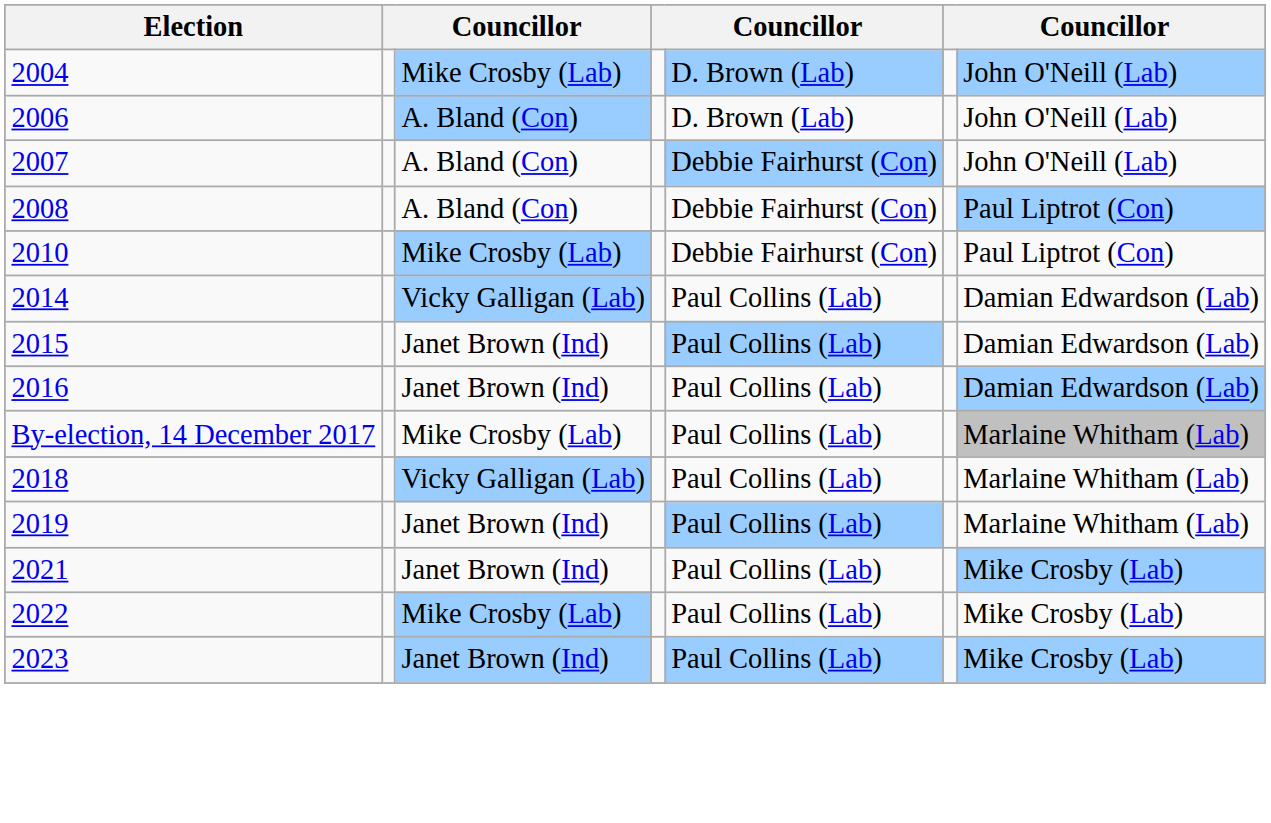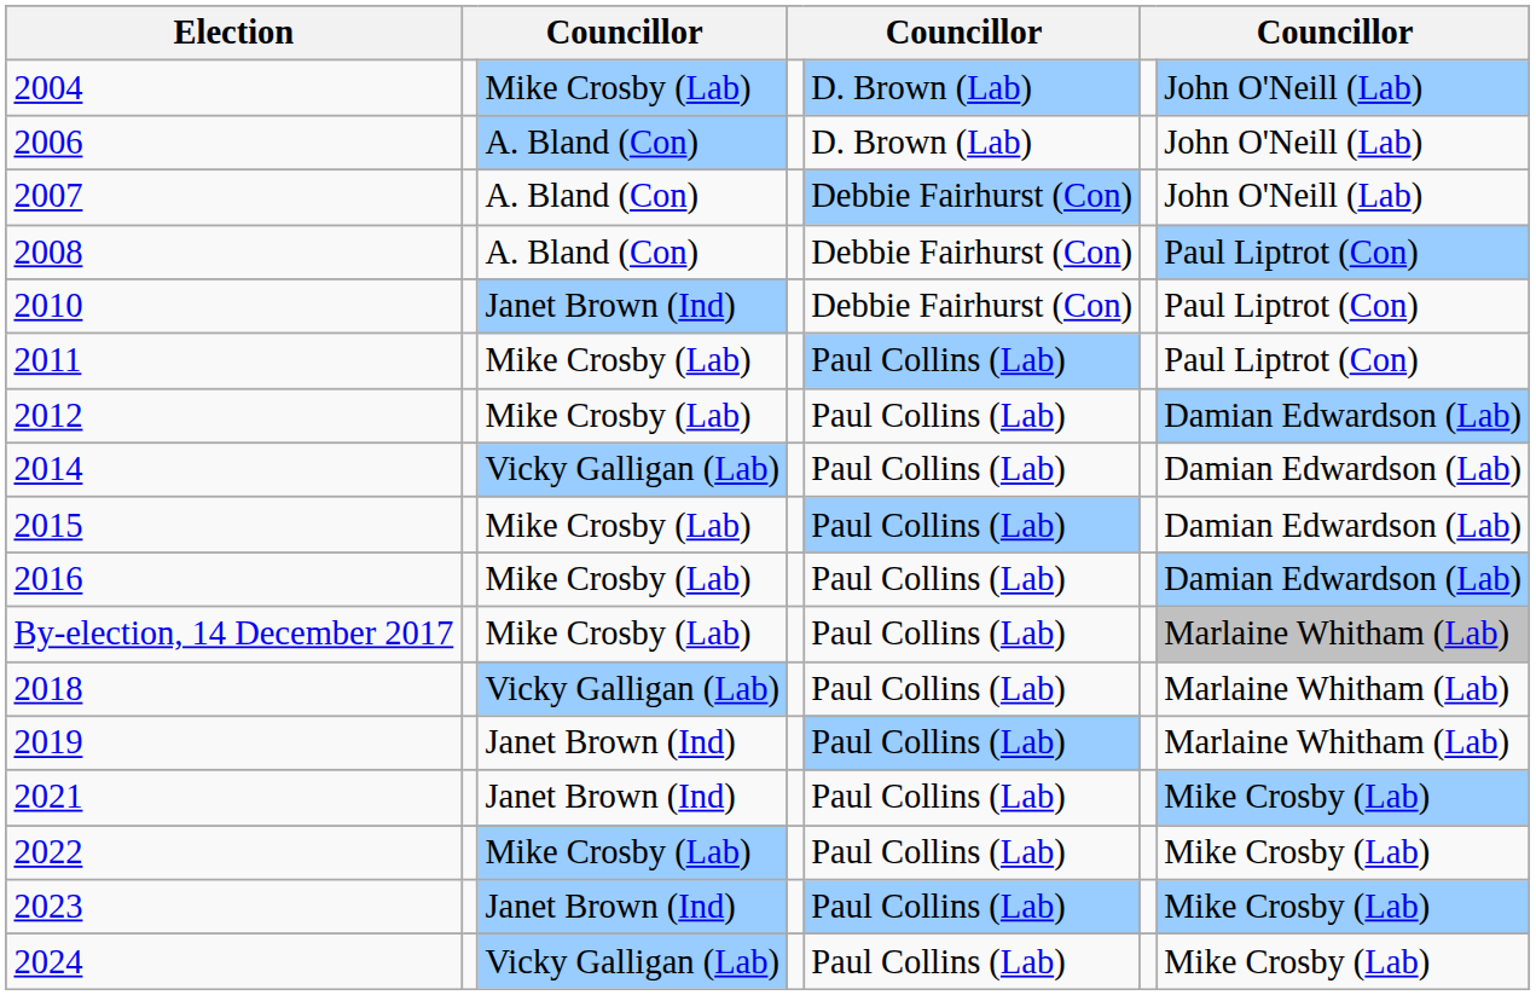 <table class="wikitable">
 <tr>
 <th>Election</th>
 <th colspan="2">Councillor</th>
 <th colspan="2">Councillor</th>
 <th colspan="2">Councillor</th>
 </tr>
 <tr>
 <td><a href='#'>2004</a></td>
 <td style="background-color: "></td>
 <td bgcolor="#99CCFF">Mike Crosby (<a href='#'>Lab</a>)</td>
 <td style="background-color: "></td>
 <td bgcolor="#99CCFF">D. Brown (<a href='#'>Lab</a>)</td>
 <td style="background-color: "></td>
 <td bgcolor="#99CCFF">John O'Neill (<a href='#'>Lab</a>)</td>
 </tr>
 <tr>
 <td><a href='#'>2006</a></td>
 <td style="background-color: "></td>
 <td bgcolor="#99CCFF">A. Bland (<a href='#'>Con</a>)</td>
 <td style="background-color: "></td>
 <td>D. Brown (<a href='#'>Lab</a>)</td>
 <td style="background-color: "></td>
 <td>John O'Neill (<a href='#'>Lab</a>)</td>
 </tr>
 <tr>
 <td><a href='#'>2007</a></td>
 <td style="background-color: "></td>
 <td>A. Bland (<a href='#'>Con</a>)</td>
 <td style="background-color: "></td>
 <td bgcolor="#99CCFF">Debbie Fairhurst (<a href='#'>Con</a>)</td>
 <td style="background-color: "></td>
 <td>John O'Neill (<a href='#'>Lab</a>)</td>
 </tr>
 <tr>
 <td><a href='#'>2008</a></td>
 <td style="background-color: "></td>
 <td>A. Bland (<a href='#'>Con</a>)</td>
 <td style="background-color: "></td>
 <td>Debbie Fairhurst (<a href='#'>Con</a>)</td>
 <td style="background-color: "></td>
 <td bgcolor="#99CCFF">Paul Liptrot (<a href='#'>Con</a>)</td>
 </tr>
 <tr>
 <td><a href='#'>2010</a></td>
 <td style="background-color: "></td>
-<td bgcolor="#99CCFF">Mike Crosby (<a href='#'>Lab</a>)</td>
+<td bgcolor="#99CCFF">Janet Brown (<a href='#'>Ind</a>)</td>
 <td style="background-color: "></td>
 <td>Debbie Fairhurst (<a href='#'>Con</a>)</td>
 <td style="background-color: "></td>
 <td>Paul Liptrot (<a href='#'>Con</a>)</td>
+</tr>
+<tr>
+<td><a href='#'>2011</a></td>
+<td style="background-color: "></td>
+<td>Mike Crosby (<a href='#'>Lab</a>)</td>
+<td style="background-color: "></td>
+<td bgcolor="#99CCFF">Paul Collins (<a href='#'>Lab</a>)</td>
+<td style="background-color: "></td>
+<td>Paul Liptrot (<a href='#'>Con</a>)</td>
+</tr>
+<tr>
+<td><a href='#'>2012</a></td>
+<td style="background-color: "></td>
+<td>Mike Crosby (<a href='#'>Lab</a>)</td>
+<td style="background-color: "></td>
+<td>Paul Collins (<a href='#'>Lab</a>)</td>
+<td style="background-color: "></td>
+<td bgcolor="#99CCFF">Damian Edwardson (<a href='#'>Lab</a>)</td>
 </tr>
 <tr>
 <td><a href='#'>2014</a></td>
 <td style="background-color: "></td>
 <td bgcolor="#99CCFF">Vicky Galligan (<a href='#'>Lab</a>)</td>
 <td style="background-color: "></td>
 <td>Paul Collins (<a href='#'>Lab</a>)</td>
 <td style="background-color: "></td>
 <td>Damian Edwardson (<a href='#'>Lab</a>)</td>
 </tr>
 <tr>
 <td><a href='#'>2015</a></td>
 <td style="background-color: "></td>
-<td>Janet Brown (<a href='#'>Ind</a>)</td>
+<td>Mike Crosby (<a href='#'>Lab</a>)</td>
 <td style="background-color: "></td>
 <td bgcolor="#99CCFF">Paul Collins (<a href='#'>Lab</a>)</td>
 <td style="background-color: "></td>
 <td>Damian Edwardson (<a href='#'>Lab</a>)</td>
 </tr>
 <tr>
 <td><a href='#'>2016</a></td>
 <td style="background-color: "></td>
-<td>Janet Brown (<a href='#'>Ind</a>)</td>
+<td>Mike Crosby (<a href='#'>Lab</a>)</td>
 <td style="background-color: "></td>
 <td>Paul Collins (<a href='#'>Lab</a>)</td>
 <td style="background-color: "></td>
 <td bgcolor="#99CCFF">Damian Edwardson (<a href='#'>Lab</a>)</td>
 </tr>
 <tr>
 <td><a href='#'>By-election, 14 December 2017</a></td>
 <td style="background-color: "></td>
 <td>Mike Crosby (<a href='#'>Lab</a>)</td>
 <td style="background-color: "></td>
 <td>Paul Collins (<a href='#'>Lab</a>)</td>
 <td style="background-color: "></td>
 <td bgcolor="#C0C0C0">Marlaine Whitham (<a href='#'>Lab</a>)</td>
 </tr>
 <tr>
 <td><a href='#'>2018</a></td>
 <td style="background-color: "></td>
 <td bgcolor="#99CCFF">Vicky Galligan (<a href='#'>Lab</a>)</td>
 <td style="background-color: "></td>
 <td>Paul Collins (<a href='#'>Lab</a>)</td>
 <td style="background-color: "></td>
 <td>Marlaine Whitham (<a href='#'>Lab</a>)</td>
 </tr>
 <tr>
 <td><a href='#'>2019</a></td>
 <td style="background-color: "></td>
 <td>Janet Brown (<a href='#'>Ind</a>)</td>
 <td style="background-color: "></td>
 <td bgcolor="#99CCFF">Paul Collins (<a href='#'>Lab</a>)</td>
 <td style="background-color: "></td>
 <td>Marlaine Whitham (<a href='#'>Lab</a>)</td>
 </tr>
 <tr>
 <td><a href='#'>2021</a></td>
 <td style="background-color: "></td>
 <td>Janet Brown (<a href='#'>Ind</a>)</td>
 <td style="background-color: "></td>
 <td>Paul Collins (<a href='#'>Lab</a>)</td>
 <td style="background-color: "></td>
 <td bgcolor="#99CCFF">Mike Crosby (<a href='#'>Lab</a>)</td>
 </tr>
 <tr>
 <td><a href='#'>2022</a></td>
 <td style="background-color: "></td>
 <td bgcolor="#99CCFF">Mike Crosby (<a href='#'>Lab</a>)</td>
 <td style="background-color: "></td>
 <td>Paul Collins (<a href='#'>Lab</a>)</td>
 <td style="background-color: "></td>
 <td>Mike Crosby (<a href='#'>Lab</a>)</td>
 </tr>
 <tr>
 <td><a href='#'>2023</a></td>
 <td style="background-color: "></td>
 <td bgcolor="#99CCFF">Janet Brown (<a href='#'>Ind</a>)</td>
 <td style="background-color: "></td>
 <td bgcolor="#99CCFF">Paul Collins (<a href='#'>Lab</a>)</td>
 <td style="background-color: "></td>
 <td bgcolor="#99CCFF">Mike Crosby (<a href='#'>Lab</a>)</td>
 </tr>
+<tr>
+<td><a href='#'>2024</a></td>
+<td style="background-color: "></td>
+<td bgcolor="#99CCFF">Vicky Galligan (<a href='#'>Lab</a>)</td>
+<td style="background-color: "></td>
+<td>Paul Collins (<a href='#'>Lab</a>)</td>
+<td style="background-color: "></td>
+<td>Mike Crosby (<a href='#'>Lab</a>)</td>
+</tr>
 </table>
